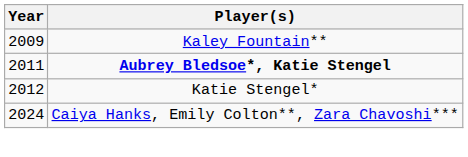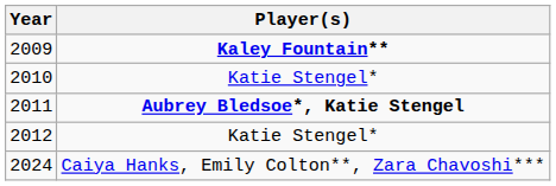 <table class="wikitable" style="text-align: center;">
 <tr>
 <th>Year</th>
 <th>Player(s)</th>
 </tr>
 <tr>
 <td>2009</td>
-<td><a href='#'>Kaley Fountain</a>**</td>
+<td><strong><a href='#'>Kaley Fountain</a>**</strong></td>
+</tr>
+<tr>
+<td>2010</td>
+<td><a href='#'>Katie Stengel</a>*</td>
 </tr>
 <tr>
 <td>2011</td>
 <td><strong><a href='#'>Aubrey Bledsoe</a>*, Katie Stengel</strong></td>
 </tr>
 <tr>
 <td>2012</td>
 <td>Katie Stengel*</td>
 </tr>
 <tr>
 <td>2024</td>
 <td><a href='#'>Caiya Hanks</a>, Emily Colton**, <a href='#'>Zara Chavoshi</a>***</td>
 </tr>
 </table>
